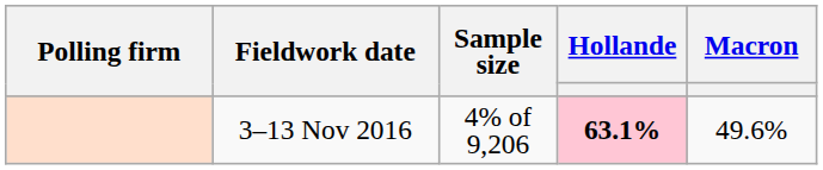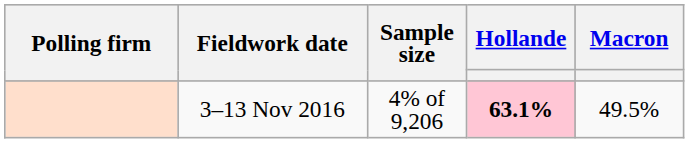 <table class="wikitable sortable" style="text-align:center;font-size:90%;line-height:14px;">
 <tr style="height:40px;">
 <th style="width:100px;" rowspan="2">Polling firm</th>
 <th style="width:110px;" rowspan="2">Fieldwork date</th>
 <th style="width:55px;" rowspan="2">Sample<br>size</th>
 <th class="unsortable" style="width:60px;"><a href='#'>Hollande</a><br></th>
 <th class="unsortable" style="width:60px;"><a href='#'>Macron</a><br></th>
 </tr>
 <tr>
 <th style="background:"></th>
 <th style="background:"></th>
 </tr>
 <tr>
 <td style="background:#FFDFCC;"></td>
 <td data-sort-value="2016-11-13">3–13 Nov 2016</td>
 <td data-sort-value="368">4% of 9,206</td>
 <td style="background:#FFC6D5;"><strong>63.1%</strong></td>
-<td>49.6%</td>
+<td>49.5%</td>
 </tr>
 </table>
